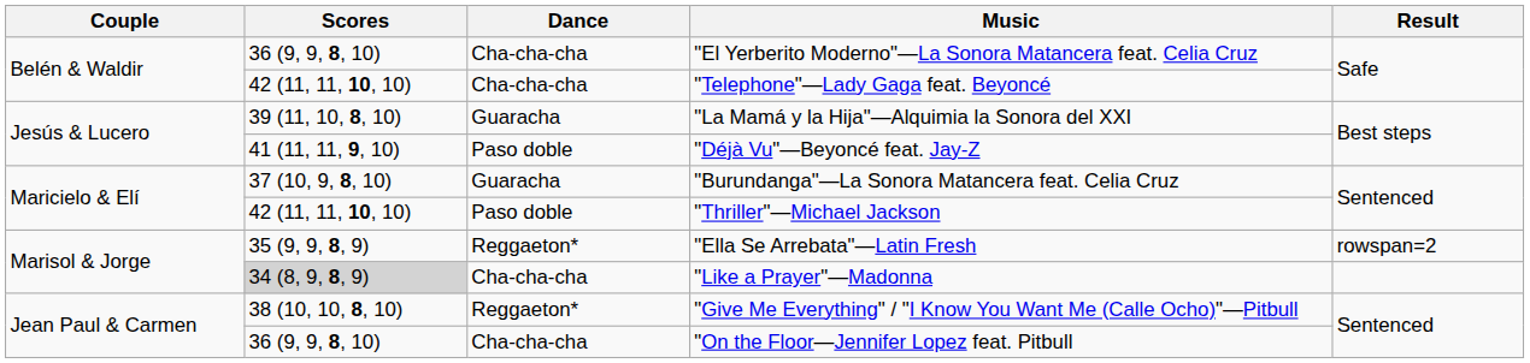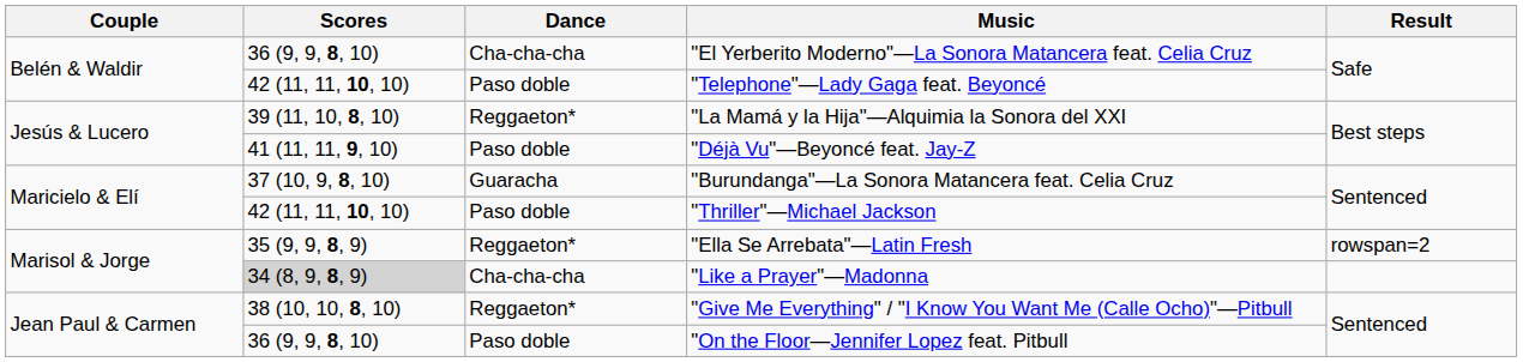 <table class="wikitable sortable" style="width:95%; white-space:nowrap;">
 <tr>
 <th style="width:15%;">Couple</th>
 <th style="width:14%;">Scores</th>
 <th style="width:14%;">Dance</th>
 <th style="width:40%;">Music</th>
 <th style="width:12%;">Result</th>
 </tr>
 <tr>
 <td rowspan=2>Belén & Waldir</td>
 <td>36 (9, 9, <strong>8</strong>, 10)</td>
 <td>Cha-cha-cha</td>
 <td>"El Yerberito Moderno"—<a href='#'>La Sonora Matancera</a> feat. <a href='#'>Celia Cruz</a></td>
 <td rowspan=2>Safe</td>
 </tr>
 <tr>
 <td>42 (11, 11, <strong>10</strong>, 10)</td>
-<td>Cha-cha-cha</td>
+<td>Paso doble</td>
 <td>"<a href='#'>Telephone</a>"—<a href='#'>Lady Gaga</a> feat. <a href='#'>Beyoncé</a></td>
 </tr>
 <tr>
 <td rowspan=2>Jesús & Lucero</td>
 <td>39 (11, 10, <strong>8</strong>, 10)</td>
-<td>Guaracha</td>
+<td>Reggaeton*</td>
 <td>"La Mamá y la Hija"—Alquimia la Sonora del XXI</td>
 <td rowspan=2>Best steps</td>
 </tr>
 <tr>
 <td>41 (11, 11, <strong>9</strong>, 10)</td>
 <td>Paso doble</td>
 <td>"<a href='#'>Déjà Vu</a>"—Beyoncé feat. <a href='#'>Jay-Z</a></td>
 </tr>
 <tr>
 <td rowspan=2>Maricielo & Elí</td>
 <td>37 (10, 9, <strong>8</strong>, 10)</td>
 <td>Guaracha</td>
 <td>"Burundanga"—La Sonora Matancera feat. Celia Cruz</td>
 <td rowspan=2>Sentenced</td>
 </tr>
 <tr>
 <td>42 (11, 11, <strong>10</strong>, 10)</td>
 <td>Paso doble</td>
 <td>"<a href='#'>Thriller</a>"—<a href='#'>Michael Jackson</a></td>
 </tr>
 <tr>
 <td rowspan=2>Marisol & Jorge</td>
 <td>35 (9, 9, <strong>8</strong>, 9)</td>
 <td>Reggaeton*</td>
 <td>"Ella Se Arrebata"—<a href='#'>Latin Fresh</a></td>
 <td>rowspan=2 </td>
 </tr>
 <tr>
 <td style="background: lightgrey;">34 (8, 9, <strong>8</strong>, 9)</td>
 <td>Cha-cha-cha</td>
 <td>"<a href='#'>Like a Prayer</a>"—<a href='#'>Madonna</a></td>
 </tr>
 <tr>
 <td rowspan=2>Jean Paul & Carmen</td>
 <td>38 (10, 10, <strong>8</strong>, 10)</td>
 <td>Reggaeton*</td>
 <td>"<a href='#'>Give Me Everything</a>" / "<a href='#'>I Know You Want Me (Calle Ocho)</a>"—<a href='#'>Pitbull</a></td>
 <td rowspan=2>Sentenced</td>
 </tr>
 <tr>
 <td>36 (9, 9, <strong>8</strong>, 10)</td>
-<td>Cha-cha-cha</td>
+<td>Paso doble</td>
 <td>"<a href='#'>On the Floor</a>—<a href='#'>Jennifer Lopez</a> feat. Pitbull</td>
 </tr>
 </table>
